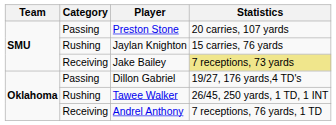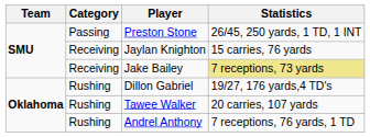 <table class="wikitable" style="float: right;">
 <tr>
 <th>Team</th>
 <th>Category</th>
 <th>Player</th>
 <th>Statistics</th>
 </tr>
 <tr>
 <td rowspan=3><strong>SMU</strong></td>
 <td>Passing</td>
 <td><a href='#'>Preston Stone</a></td>
-<td>20 carries, 107 yards</td>
+<td>26/45, 250 yards, 1 TD, 1 INT</td>
 </tr>
 <tr>
-<td>Rushing</td>
+<td>Receiving</td>
 <td>Jaylan Knighton</td>
 <td>15 carries, 76 yards</td>
 </tr>
 <tr>
 <td>Receiving</td>
 <td>Jake Bailey</td>
 <td style="background: khaki;">7 receptions, 73 yards</td>
 </tr>
 <tr>
 <td rowspan=3><strong>Oklahoma</strong></td>
-<td>Passing</td>
+<td>Rushing</td>
 <td>Dillon Gabriel</td>
 <td>19/27, 176 yards,4 TD's</td>
 </tr>
 <tr>
 <td>Rushing</td>
 <td><a href='#'>Tawee Walker</a></td>
-<td>26/45, 250 yards, 1 TD, 1 INT</td>
+<td>20 carries, 107 yards</td>
 </tr>
 <tr>
-<td>Receiving</td>
+<td>Rushing</td>
 <td><a href='#'>Andrel Anthony</a></td>
 <td>7 receptions, 76 yards, 1 TD</td>
 </tr>
 </table>
